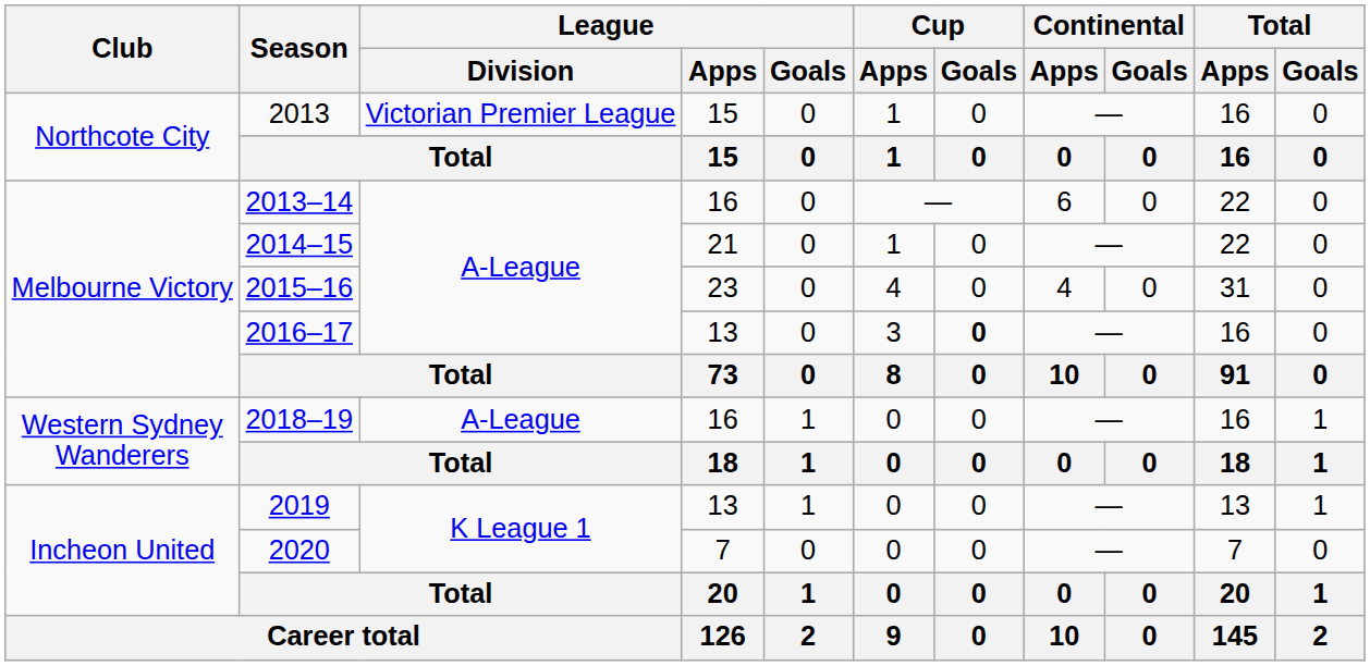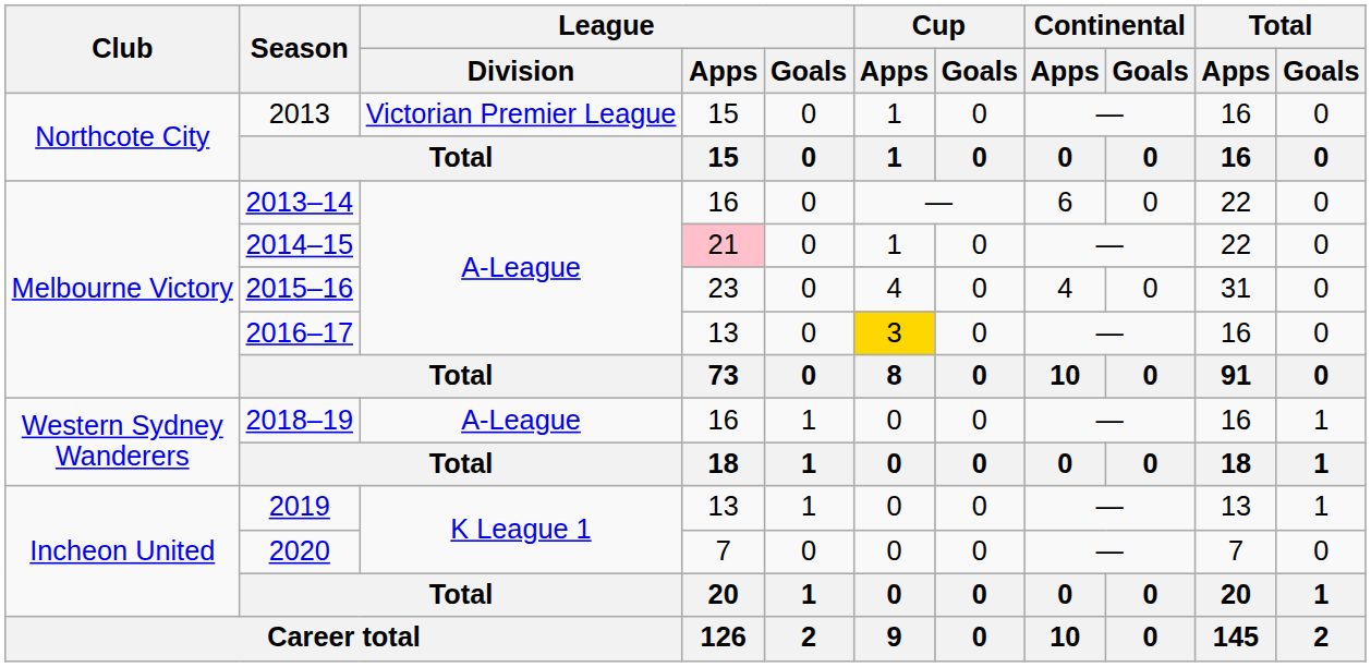 <table class="wikitable" border="1" style="font-size:100%; text-align: center;">
 <tr>
 <th rowspan="2">Club</th>
 <th rowspan="2">Season</th>
 <th colspan="3">League</th>
 <th colspan="2">Cup</th>
 <th colspan="2">Continental</th>
 <th colspan="2">Total</th>
 </tr>
 <tr>
 <th>Division</th>
 <th>Apps</th>
 <th>Goals</th>
 <th>Apps</th>
 <th>Goals</th>
 <th>Apps</th>
 <th>Goals</th>
 <th>Apps</th>
 <th>Goals</th>
 </tr>
 <tr>
 <td rowspan="2" valign="middle"><a href='#'>Northcote City</a></td>
 <td>2013</td>
 <td><a href='#'>Victorian Premier League</a></td>
 <td>15</td>
 <td>0</td>
 <td>1</td>
 <td>0</td>
 <td colspan="2">—</td>
 <td>16</td>
 <td>0</td>
 </tr>
 <tr>
 <th colspan="2">Total</th>
 <th>15</th>
 <th>0</th>
 <th>1</th>
 <th>0</th>
 <th>0</th>
 <th>0</th>
 <th>16</th>
 <th>0</th>
 </tr>
 <tr>
 <td rowspan="5" valign="middle"><a href='#'>Melbourne Victory</a></td>
 <td><a href='#'>2013–14</a></td>
 <td rowspan="4" valign="middle"><a href='#'>A-League</a></td>
 <td>16</td>
 <td>0</td>
 <td colspan="2">—</td>
 <td>6</td>
 <td>0</td>
 <td>22</td>
 <td>0</td>
 </tr>
 <tr>
 <td><a href='#'>2014–15</a></td>
-<td>21</td>
+<td style="background: pink;">21</td>
 <td>0</td>
 <td>1</td>
 <td>0</td>
 <td colspan="2">—</td>
 <td>22</td>
 <td>0</td>
 </tr>
 <tr>
 <td><a href='#'>2015–16</a></td>
 <td>23</td>
 <td>0</td>
 <td>4</td>
 <td>0</td>
 <td>4</td>
 <td>0</td>
 <td>31</td>
 <td>0</td>
 </tr>
 <tr>
 <td><a href='#'>2016–17</a></td>
 <td>13</td>
 <td>0</td>
-<td>3</td>
-<td><strong>0</strong></td>
+<td style="background: gold;">3</td>
+<td>0</td>
 <td colspan="2">—</td>
 <td>16</td>
 <td>0</td>
 </tr>
 <tr>
 <th colspan="2">Total</th>
 <th>73</th>
 <th>0</th>
 <th>8</th>
 <th>0</th>
 <th>10</th>
 <th>0</th>
 <th>91</th>
 <th>0</th>
 </tr>
 <tr>
 <td rowspan="2" valign="middle"><a href='#'>Western Sydney<br>Wanderers</a></td>
 <td><a href='#'>2018–19</a></td>
 <td><a href='#'>A-League</a></td>
 <td>16</td>
 <td>1</td>
 <td>0</td>
 <td>0</td>
 <td colspan="2">—</td>
 <td>16</td>
 <td>1</td>
 </tr>
 <tr>
 <th colspan="2">Total</th>
 <th>18</th>
 <th>1</th>
 <th>0</th>
 <th>0</th>
 <th>0</th>
 <th>0</th>
 <th>18</th>
 <th>1</th>
 </tr>
 <tr>
 <td rowspan="3" valign="middle"><a href='#'>Incheon United</a></td>
 <td><a href='#'>2019</a></td>
 <td rowspan="2" valign="middle"><a href='#'>K League 1</a></td>
 <td>13</td>
 <td>1</td>
 <td>0</td>
 <td>0</td>
 <td colspan="2">—</td>
 <td>13</td>
 <td>1</td>
 </tr>
 <tr>
 <td><a href='#'>2020</a></td>
 <td>7</td>
 <td>0</td>
 <td>0</td>
 <td>0</td>
 <td colspan="2">—</td>
 <td>7</td>
 <td>0</td>
 </tr>
 <tr>
 <th colspan="2">Total</th>
 <th>20</th>
 <th>1</th>
 <th>0</th>
 <th>0</th>
 <th>0</th>
 <th>0</th>
 <th>20</th>
 <th>1</th>
 </tr>
 <tr>
 <th colspan="3">Career total</th>
 <th>126</th>
 <th>2</th>
 <th>9</th>
 <th>0</th>
 <th>10</th>
 <th>0</th>
 <th>145</th>
 <th>2</th>
 </tr>
 </table>
